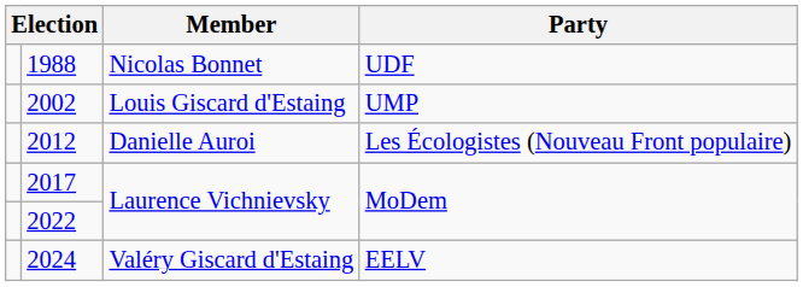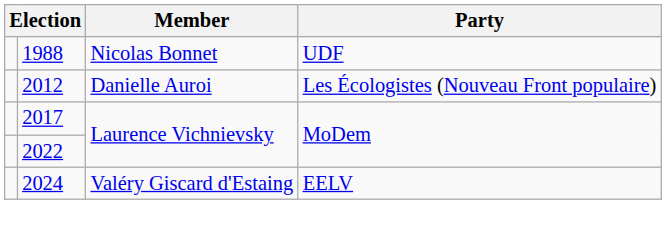 <table class="wikitable">
 <tr>
 <th colspan=2>Election</th>
 <th>Member</th>
 <th>Party</th>
 </tr>
 <tr>
 <td style="background-color: "></td>
 <td><a href='#'>1988</a></td>
 <td><a href='#'>Nicolas Bonnet</a></td>
 <td><a href='#'>UDF</a></td>
-</tr>
-<tr>
-<td style="background-color: "></td>
-<td><a href='#'>2002</a></td>
-<td><a href='#'>Louis Giscard d'Estaing</a></td>
-<td><a href='#'>UMP</a></td>
 </tr>
 <tr>
 <td style="background-color: "></td>
 <td><a href='#'>2012</a></td>
 <td><a href='#'>Danielle Auroi</a></td>
 <td><a href='#'>Les Écologistes</a> (<a href='#'>Nouveau Front populaire</a>)</td>
 </tr>
 <tr>
 <td style="background-color: "></td>
 <td><a href='#'>2017</a></td>
 <td rowspan="2"><a href='#'>Laurence Vichnievsky</a></td>
 <td rowspan="2"><a href='#'>MoDem</a></td>
 </tr>
 <tr>
 <td style="background-color: "></td>
 <td><a href='#'>2022</a></td>
 </tr>
 <tr>
 <td style="background-color: "></td>
 <td><a href='#'>2024</a></td>
 <td><a href='#'>Valéry Giscard d'Estaing</a></td>
 <td><a href='#'>EELV</a></td>
 </tr>
 </table>
